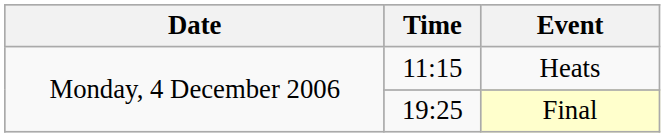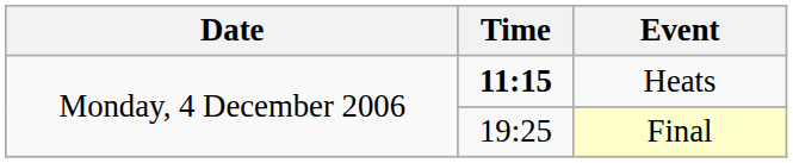 <table class = "wikitable" style="text-align:center;">
 <tr>
 <th width=220>Date</th>
 <th width=50>Time</th>
 <th width=100>Event</th>
 </tr>
 <tr>
 <td rowspan=2>Monday, 4 December 2006</td>
-<td>11:15</td>
+<td><strong>11:15</strong></td>
 <td>Heats</td>
 </tr>
 <tr>
 <td>19:25</td>
 <td bgcolor=ffffcc>Final</td>
 </tr>
 </table>
